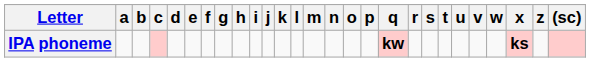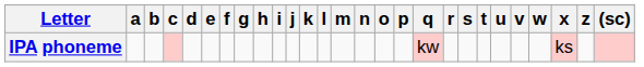 <table class="wikitable" style="text-align:center; table-layout:fixed">
 <tr>
 </tr>
 <tr>
 <th><a href='#'>Letter</a></th>
 <th>a</th>
 <th>b</th>
 <th>c</th>
 <th>d</th>
 <th>e</th>
 <th>f</th>
 <th>g</th>
 <th>h</th>
 <th>i</th>
 <th>j</th>
 <th>k</th>
 <th>l</th>
 <th>m</th>
 <th>n</th>
 <th>o</th>
 <th>p</th>
 <th>q</th>
 <th>r</th>
 <th>s</th>
 <th>t</th>
 <th>u</th>
 <th>v</th>
 <th>w</th>
 <th>x</th>
 <th>z</th>
 <th>(sc)</th>
 </tr>
 <tr>
 <th><a href='#'>IPA</a> <a href='#'>phoneme</a></th>
 <td></td>
 <td></td>
 <td style="background-color:#fcc"></td>
 <td></td>
 <td></td>
 <td></td>
 <td></td>
 <td></td>
 <td></td>
 <td></td>
 <td></td>
 <td></td>
 <td></td>
 <td></td>
 <td></td>
 <td></td>
-<td style="background-color:#fcc"><strong>kw</strong></td>
+<td style="background-color:#fcc">kw</td>
 <td></td>
 <td></td>
 <td></td>
 <td></td>
 <td></td>
 <td></td>
-<td style="background-color:#fcc"><strong>ks</strong></td>
+<td style="background-color:#fcc">ks</td>
 <td></td>
 <td style="background-color:#fcc"></td>
 </tr>
 </table>
